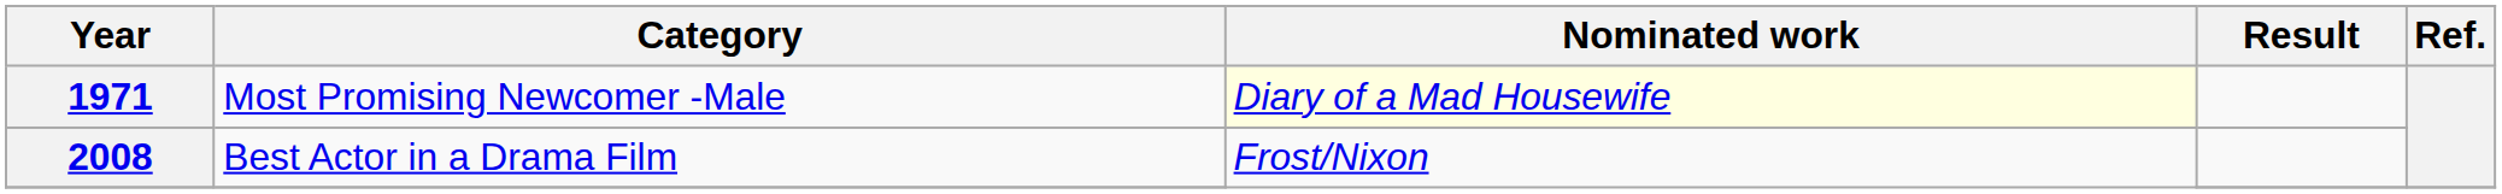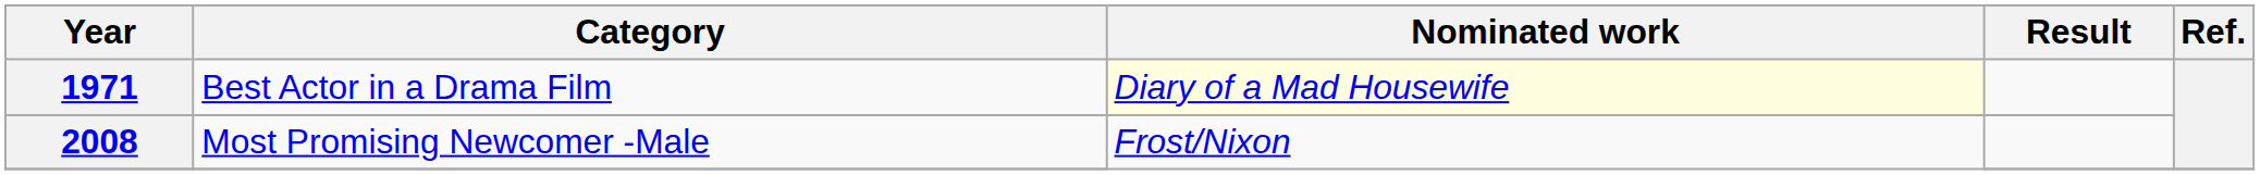 <table class=wikitable>
 <tr>
 <th scope="col" style="width:5em;">Year</th>
 <th scope="col" style="width:26em;">Category</th>
 <th scope="col" style="width:25em;">Nominated work</th>
 <th scope="col" style="width:5em;">Result</th>
 <th>Ref.</th>
 </tr>
 <tr>
 <th Scope=row><a href='#'>1971</a></th>
-<td><a href='#'>Most Promising Newcomer -Male</a></td>
+<td><a href='#'>Best Actor in a Drama Film</a></td>
 <td style="background: lightyellow;"><em><a href='#'>Diary of a Mad Housewife</a></em></td>
 <td></td>
 <th Scope=row, rowspan=2></th>
 </tr>
 <tr>
 <th Scope=row><a href='#'>2008</a></th>
-<td><a href='#'>Best Actor in a Drama Film</a></td>
+<td><a href='#'>Most Promising Newcomer -Male</a></td>
 <td rowspan=2><em><a href='#'>Frost/Nixon</a></em></td>
 <td></td>
 </tr>
 <tr>
 </tr>
 </table>
